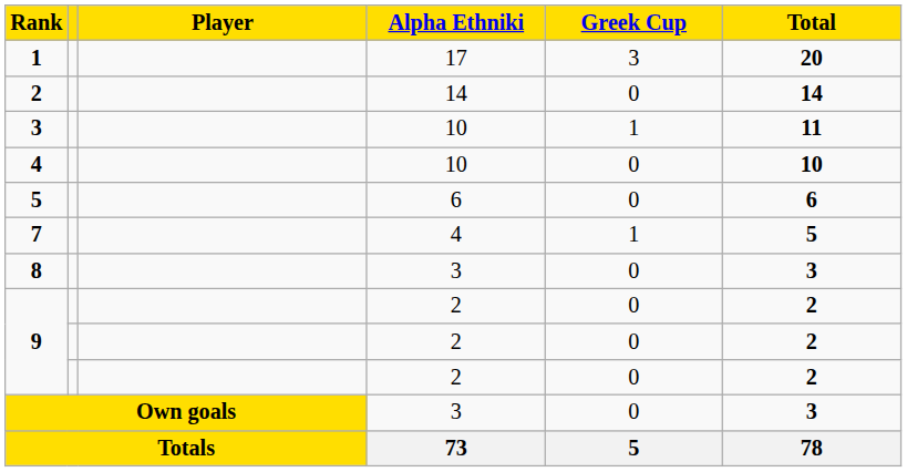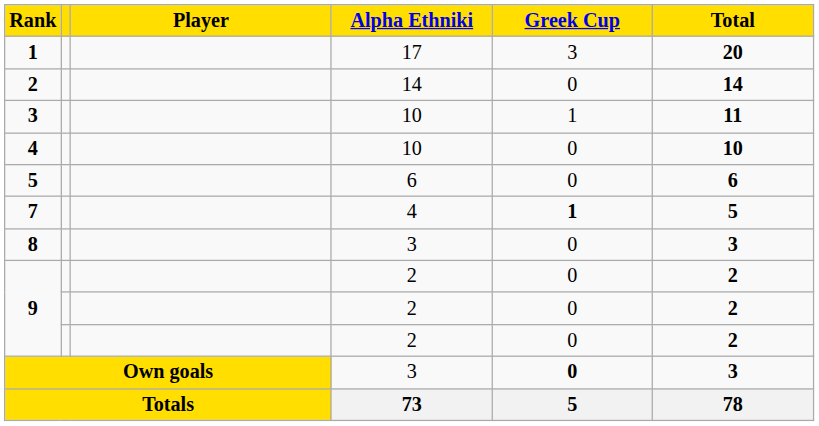 <table class="wikitable sortable" style="text-align: center">
 <tr>
 <th style="background:#FFDE00">Rank</th>
 <th style="background:#FFDE00"></th>
 <th width=200 style="background:#FFDE00">Player</th>
 <th width=120 style="background:#FFDE00"><a href='#'>Alpha Ethniki</a></th>
 <th width=120 style="background:#FFDE00"><a href='#'>Greek Cup</a></th>
 <th width=120 style="background:#FFDE00">Total</th>
 </tr>
 <tr>
 <td><strong>1</strong></td>
 <td></td>
 <td align=left></td>
 <td>17</td>
 <td>3</td>
 <td><strong>20</strong></td>
 </tr>
 <tr>
 <td><strong>2</strong></td>
 <td></td>
 <td align=left></td>
 <td>14</td>
 <td>0</td>
 <td><strong>14</strong></td>
 </tr>
 <tr>
 <td><strong>3</strong></td>
 <td></td>
 <td align=left></td>
 <td>10</td>
 <td>1</td>
 <td><strong>11</strong></td>
 </tr>
 <tr>
 <td><strong>4</strong></td>
 <td></td>
 <td align=left></td>
 <td>10</td>
 <td>0</td>
 <td><strong>10</strong></td>
 </tr>
 <tr>
 <td><strong>5</strong></td>
 <td></td>
 <td align=left></td>
 <td>6</td>
 <td>0</td>
 <td><strong>6</strong></td>
 </tr>
 <tr>
 <td><strong>7</strong></td>
 <td></td>
 <td align=left></td>
 <td>4</td>
-<td>1</td>
+<td><strong>1</strong></td>
 <td><strong>5</strong></td>
 </tr>
 <tr>
 <td><strong>8</strong></td>
 <td></td>
 <td align=left></td>
 <td>3</td>
 <td>0</td>
 <td><strong>3</strong></td>
 </tr>
 <tr>
 <td rowspan=3><strong>9</strong></td>
 <td></td>
 <td align=left></td>
 <td>2</td>
 <td>0</td>
 <td><strong>2</strong></td>
 </tr>
 <tr>
 <td></td>
 <td align=left></td>
 <td>2</td>
 <td>0</td>
 <td><strong>2</strong></td>
 </tr>
 <tr>
 <td></td>
 <td align=left></td>
 <td>2</td>
 <td>0</td>
 <td><strong>2</strong></td>
 </tr>
 <tr class="sortbottom">
 <td colspan=3 style="background:#FFDE00"><strong>Own goals</strong></td>
 <td>3</td>
-<td>0</td>
+<td><strong>0</strong></td>
 <td><strong>3</strong></td>
 </tr>
 <tr class="sortbottom">
 <th colspan=3 style="background:#FFDE00"><strong>Totals</strong></th>
 <th><strong>73</strong></th>
 <th><strong> 5</strong></th>
 <th><strong>78</strong></th>
 </tr>
 </table>
